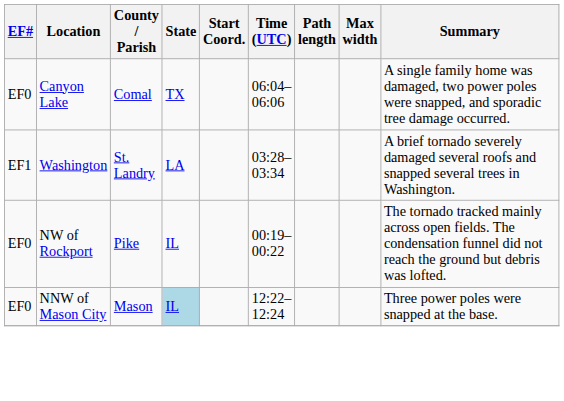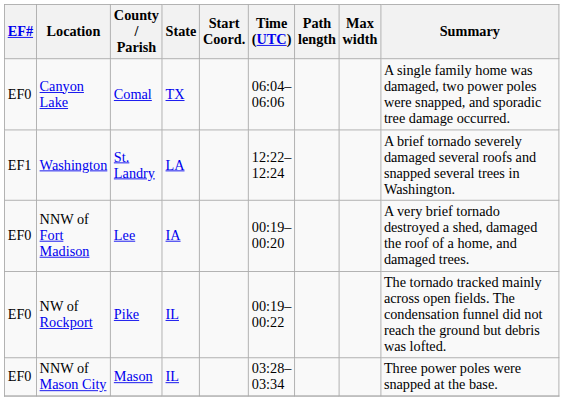 <table class="wikitable sortable" style="width:100%;">
 <tr>
 <th scope="col"  style="width:3%; text-align:center;"><a href='#'>EF#</a></th>
 <th scope="col"  style="width:7%; text-align:center;" class="unsortable">Location</th>
 <th scope="col"  style="width:6%; text-align:center;" class="unsortable">County / Parish</th>
 <th scope="col"  style="width:5%; text-align:center;">State</th>
 <th scope="col"  style="width:6%; text-align:center;">Start Coord.</th>
 <th scope="col"  style="width:6%; text-align:center;">Time (<a href='#'>UTC</a>)</th>
 <th scope="col"  style="width:6%; text-align:center;">Path length</th>
 <th scope="col"  style="width:6%; text-align:center;">Max width</th>
 <th scope="col" class="unsortable" style="width:48%; text-align:center;">Summary</th>
 </tr>
 <tr>
 <td>EF0</td>
 <td><a href='#'>Canyon Lake</a></td>
 <td><a href='#'>Comal</a></td>
 <td><a href='#'>TX</a></td>
 <td></td>
 <td>06:04–06:06</td>
 <td></td>
 <td></td>
 <td>A single family home was damaged, two power poles were snapped, and sporadic tree damage occurred.</td>
 </tr>
 <tr>
 <td>EF1</td>
 <td><a href='#'>Washington</a></td>
 <td><a href='#'>St. Landry</a></td>
 <td><a href='#'>LA</a></td>
 <td></td>
-<td>03:28–03:34</td>
+<td>12:22–12:24</td>
 <td></td>
 <td></td>
 <td>A brief tornado severely damaged several roofs and snapped several trees in Washington.</td>
+</tr>
+<tr>
+<td>EF0</td>
+<td>NNW of <a href='#'>Fort Madison</a></td>
+<td><a href='#'>Lee</a></td>
+<td><a href='#'>IA</a></td>
+<td></td>
+<td>00:19–00:20</td>
+<td></td>
+<td></td>
+<td>A very brief tornado destroyed a shed, damaged the roof of a home, and damaged trees.</td>
 </tr>
 <tr>
 <td>EF0</td>
 <td>NW of <a href='#'>Rockport</a></td>
 <td><a href='#'>Pike</a></td>
 <td><a href='#'>IL</a></td>
 <td></td>
 <td>00:19–00:22</td>
 <td></td>
 <td></td>
 <td>The tornado tracked mainly across open fields. The condensation funnel did not reach the ground but debris was lofted.</td>
 </tr>
 <tr>
 <td>EF0</td>
 <td>NNW of <a href='#'>Mason City</a></td>
 <td><a href='#'>Mason</a></td>
-<td style="background: lightblue;"><a href='#'>IL</a></td>
+<td><a href='#'>IL</a></td>
 <td></td>
-<td>12:22–12:24</td>
+<td>03:28–03:34</td>
 <td></td>
 <td></td>
 <td>Three power poles were snapped at the base.</td>
 </tr>
 <tr>
 </tr>
 </table>
